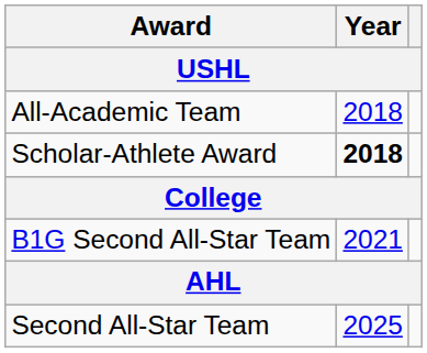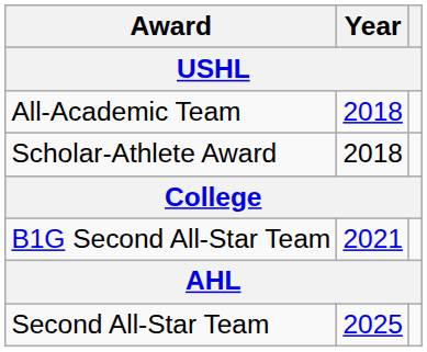 <table class="wikitable">
 <tr>
 <th>Award</th>
 <th>Year</th>
 <th></th>
 </tr>
 <tr ALIGN="center" bgcolor="#e0e0e0">
 <th colspan="3"><a href='#'>USHL</a></th>
 </tr>
 <tr>
 <td>All-Academic Team</td>
 <td><a href='#'>2018</a></td>
 <td></td>
 </tr>
 <tr>
 <td>Scholar-Athlete Award</td>
-<td><strong>2018</strong></td>
+<td>2018</td>
 <td></td>
 </tr>
 <tr ALIGN="center" bgcolor="#e0e0e0">
 <th colspan="3"><a href='#'>College</a></th>
 </tr>
 <tr>
 <td><a href='#'>B1G</a> Second All-Star Team</td>
 <td><a href='#'>2021</a></td>
 <td></td>
 </tr>
 <tr>
 <th colspan="3"><a href='#'>AHL</a></th>
 </tr>
 <tr>
 <td>Second All-Star Team</td>
 <td><a href='#'>2025</a></td>
 <td></td>
 </tr>
 </table>
